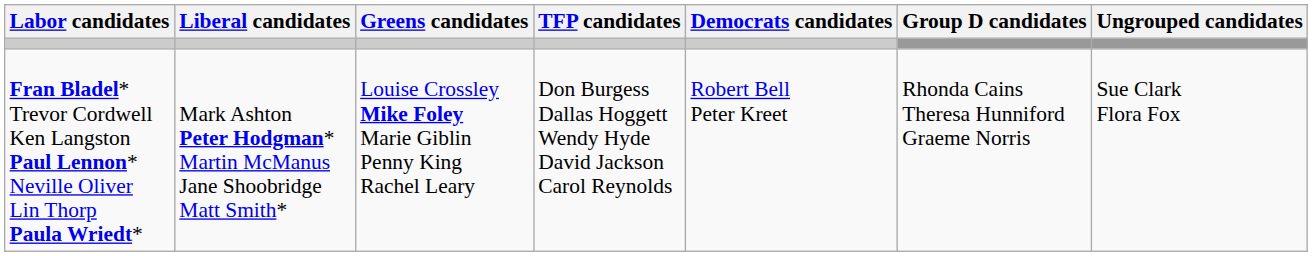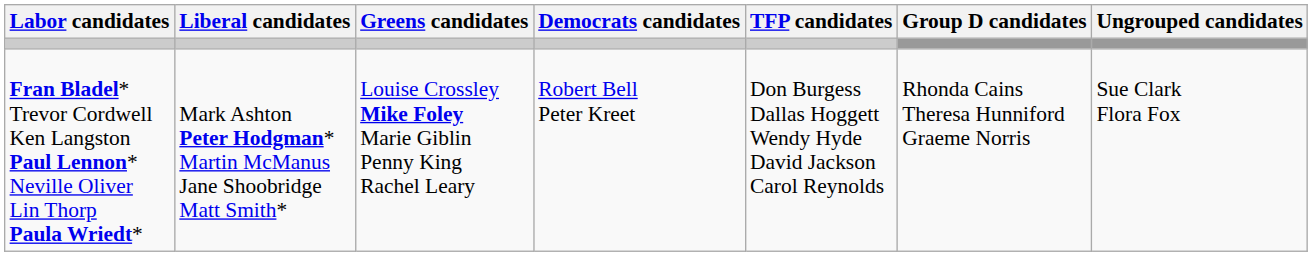 <table class="wikitable">
 <tr>
 <th><a href='#'>Labor</a> candidates</th>
 <th><a href='#'>Liberal</a> candidates</th>
 <th><a href='#'>Greens</a> candidates</th>
+<th><a href='#'>Democrats</a> candidates</th>
 <th><a href='#'>TFP</a> candidates</th>
-<th><a href='#'>Democrats</a> candidates</th>
 <th>Group D candidates</th>
 <th>Ungrouped candidates</th>
 </tr>
 <tr bgcolor="#cccccc">
 <td></td>
 <td></td>
 <td></td>
 <td></td>
 <td></td>
 <td bgcolor="#999999"></td>
 <td bgcolor="#999999"></td>
 </tr>
 <tr>
 <td><br><strong><a href='#'>Fran Bladel</a></strong>*<br> Trevor Cordwell<br> Ken Langston<br> <strong><a href='#'>Paul Lennon</a></strong>*<br> <a href='#'>Neville Oliver</a><br> <a href='#'>Lin Thorp</a><br> <strong><a href='#'>Paula Wriedt</a></strong>*</td>
 <td><br>Mark Ashton<br> <strong><a href='#'>Peter Hodgman</a></strong>*<br> <a href='#'>Martin McManus</a><br> Jane Shoobridge<br> <a href='#'>Matt Smith</a>*</td>
 <td valign=top><br><a href='#'>Louise Crossley</a><br> <strong><a href='#'>Mike Foley</a></strong><br> Marie Giblin<br> Penny King<br> Rachel Leary</td>
+<td valign=top><br><a href='#'>Robert Bell</a><br> Peter Kreet</td>
 <td valign=top><br>Don Burgess<br> Dallas Hoggett<br> Wendy Hyde<br> David Jackson<br> Carol Reynolds</td>
-<td valign=top><br><a href='#'>Robert Bell</a><br> Peter Kreet</td>
 <td valign=top><br>Rhonda Cains<br> Theresa Hunniford<br> Graeme Norris</td>
 <td valign=top><br>Sue Clark<br> Flora Fox</td>
 </tr>
 </table>
